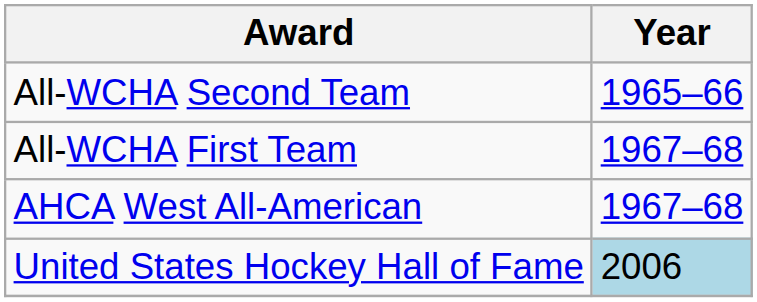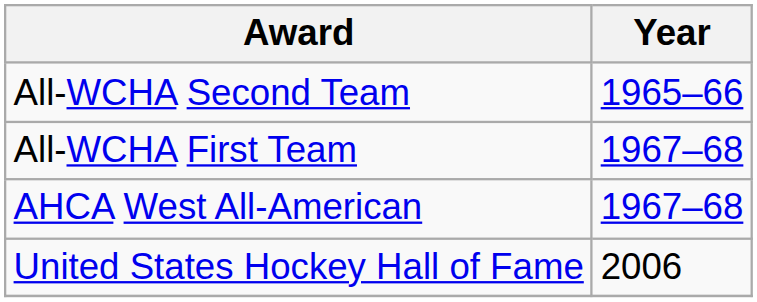 <table class="wikitable">
 <tr>
 <th>Award</th>
 <th>Year</th>
 </tr>
 <tr>
 <td>All-<a href='#'>WCHA</a> <a href='#'>Second Team</a></td>
 <td><a href='#'>1965–66</a></td>
 </tr>
 <tr>
 <td>All-<a href='#'>WCHA</a> <a href='#'>First Team</a></td>
 <td><a href='#'>1967–68</a></td>
 </tr>
 <tr>
 <td><a href='#'>AHCA</a> <a href='#'>West All-American</a></td>
 <td><a href='#'>1967–68</a></td>
 </tr>
 <tr>
 <td><a href='#'>United States Hockey Hall of Fame</a></td>
-<td style="background: lightblue;">2006</td>
+<td>2006</td>
 </tr>
 <tr>
 </tr>
 </table>
